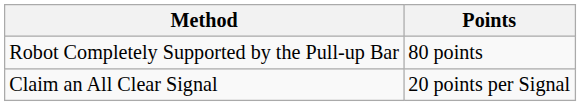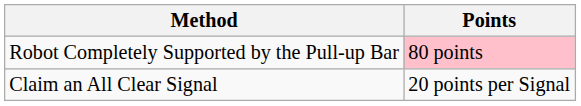 <table class="wikitable">
 <tr>
 <th>Method</th>
 <th>Points</th>
 </tr>
 <tr>
 <td>Robot Completely Supported by the Pull-up Bar</td>
-<td>80 points</td>
+<td style="background: pink;">80 points</td>
 </tr>
 <tr>
 <td>Claim an All Clear Signal</td>
 <td>20 points per Signal</td>
 </tr>
 </table>
